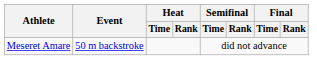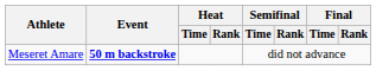 <table class=wikitable style="font-size:90%">
 <tr>
 <th rowspan="2">Athlete</th>
 <th rowspan="2">Event</th>
 <th colspan="2">Heat</th>
 <th colspan="2">Semifinal</th>
 <th colspan="2">Final</th>
 </tr>
 <tr style="font-size:95%">
 <th>Time</th>
 <th>Rank</th>
 <th>Time</th>
 <th>Rank</th>
 <th>Time</th>
 <th>Rank</th>
 </tr>
 <tr align=center>
 <td align=left><a href='#'>Meseret Amare</a></td>
-<td align=left><a href='#'>50 m backstroke</a></td>
+<td align=left><strong><a href='#'>50 m backstroke</a></strong></td>
 <td colspan=2></td>
 <td colspan=4>did not advance</td>
 </tr>
 </table>
